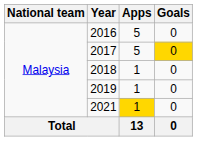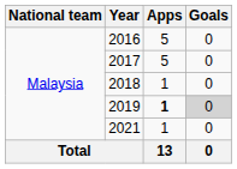 <table class=wikitable style="text-align: center;">
 <tr>
 <th>National team</th>
 <th>Year</th>
 <th>Apps</th>
 <th>Goals</th>
 </tr>
 <tr>
 <td rowspan=5><a href='#'>Malaysia</a></td>
 <td>2016</td>
 <td>5</td>
 <td>0</td>
 </tr>
 <tr>
 <td>2017</td>
 <td>5</td>
-<td style="background: gold;">0</td>
+<td>0</td>
 </tr>
 <tr>
 <td>2018</td>
 <td>1</td>
 <td>0</td>
 </tr>
 <tr>
 <td>2019</td>
-<td>1</td>
-<td>0</td>
+<td><strong>1</strong></td>
+<td style="background: lightgrey;">0</td>
 </tr>
 <tr>
 <td>2021</td>
-<td style="background: gold;">1</td>
+<td>1</td>
 <td>0</td>
 </tr>
 <tr>
 <th colspan=2>Total</th>
 <th>13</th>
 <th>0</th>
 </tr>
 </table>
